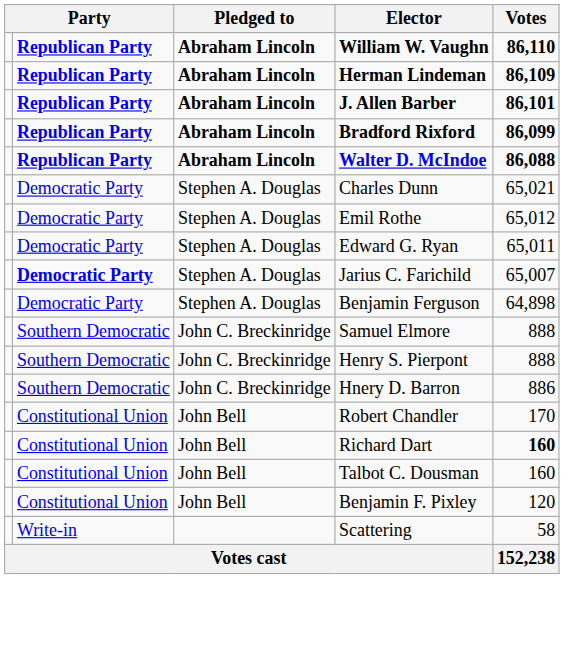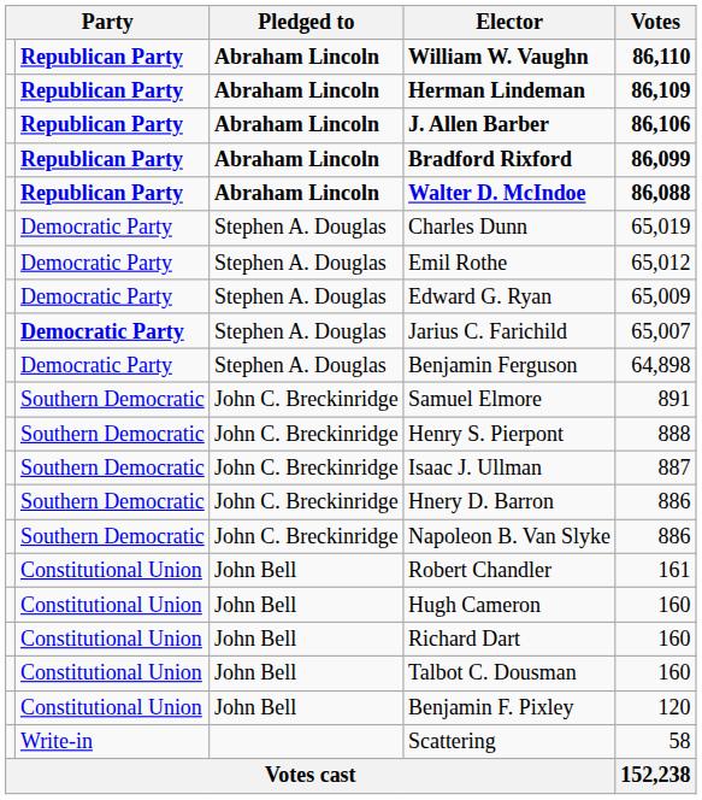 <table class="wikitable">
 <tr>
 <th colspan=2>Party</th>
 <th>Pledged to</th>
 <th>Elector</th>
 <th>Votes</th>
 </tr>
 <tr style="font-weight:bold">
 <td></td>
 <td><a href='#'>Republican Party</a></td>
 <td>Abraham Lincoln</td>
 <td>William W. Vaughn</td>
 <td align="right">86,110</td>
 </tr>
 <tr style="font-weight:bold">
 <td></td>
 <td><a href='#'>Republican Party</a></td>
 <td>Abraham Lincoln</td>
 <td>Herman Lindeman</td>
 <td align="right">86,109</td>
 </tr>
 <tr style="font-weight:bold">
 <td></td>
 <td><a href='#'>Republican Party</a></td>
 <td>Abraham Lincoln</td>
 <td>J. Allen Barber</td>
-<td align="right">86,101</td>
+<td align="right">86,106</td>
 </tr>
 <tr style="font-weight:bold">
 <td></td>
 <td><a href='#'>Republican Party</a></td>
 <td>Abraham Lincoln</td>
 <td>Bradford Rixford</td>
 <td align="right">86,099</td>
 </tr>
 <tr style="font-weight:bold">
 <td></td>
 <td><a href='#'>Republican Party</a></td>
 <td>Abraham Lincoln</td>
 <td><a href='#'>Walter D. McIndoe</a></td>
 <td align="right">86,088</td>
 </tr>
 <tr>
 <td></td>
 <td><a href='#'>Democratic Party</a></td>
 <td>Stephen A. Douglas</td>
 <td>Charles Dunn</td>
-<td align="right">65,021</td>
+<td align="right">65,019</td>
 </tr>
 <tr>
 <td></td>
 <td><a href='#'>Democratic Party</a></td>
 <td>Stephen A. Douglas</td>
 <td>Emil Rothe</td>
 <td align="right">65,012</td>
 </tr>
 <tr>
 <td></td>
 <td><a href='#'>Democratic Party</a></td>
 <td>Stephen A. Douglas</td>
 <td>Edward G. Ryan</td>
-<td align="right">65,011</td>
+<td align="right">65,009</td>
 </tr>
 <tr>
 <td></td>
 <td><strong><a href='#'>Democratic Party</a></strong></td>
 <td>Stephen A. Douglas</td>
 <td>Jarius C. Farichild</td>
 <td align="right">65,007</td>
 </tr>
 <tr>
 <td></td>
 <td><a href='#'>Democratic Party</a></td>
 <td>Stephen A. Douglas</td>
 <td>Benjamin Ferguson</td>
 <td align="right">64,898</td>
 </tr>
 <tr>
 <td></td>
 <td><a href='#'>Southern Democratic</a></td>
 <td>John C. Breckinridge</td>
 <td>Samuel Elmore</td>
-<td align="right">888</td>
+<td align="right">891</td>
 </tr>
 <tr>
 <td></td>
 <td><a href='#'>Southern Democratic</a></td>
 <td>John C. Breckinridge</td>
 <td>Henry S. Pierpont</td>
 <td align="right">888</td>
 </tr>
 <tr>
 <td></td>
 <td><a href='#'>Southern Democratic</a></td>
 <td>John C. Breckinridge</td>
+<td>Isaac J. Ullman</td>
+<td align="right">887</td>
+</tr>
+<tr>
+<td></td>
+<td><a href='#'>Southern Democratic</a></td>
+<td>John C. Breckinridge</td>
 <td>Hnery D. Barron</td>
+<td align="right">886</td>
+</tr>
+<tr>
+<td></td>
+<td><a href='#'>Southern Democratic</a></td>
+<td>John C. Breckinridge</td>
+<td>Napoleon B. Van Slyke</td>
 <td align="right">886</td>
 </tr>
 <tr>
 <td></td>
 <td><a href='#'>Constitutional Union</a></td>
 <td>John Bell</td>
 <td>Robert Chandler</td>
-<td align="right">170</td>
+<td align="right">161</td>
+</tr>
+<tr>
+<td></td>
+<td><a href='#'>Constitutional Union</a></td>
+<td>John Bell</td>
+<td>Hugh Cameron</td>
+<td align="right">160</td>
 </tr>
 <tr>
 <td></td>
 <td><a href='#'>Constitutional Union</a></td>
 <td>John Bell</td>
 <td>Richard Dart</td>
-<td align="right"><strong>160</strong></td>
+<td align="right">160</td>
 </tr>
 <tr>
 <td></td>
 <td><a href='#'>Constitutional Union</a></td>
 <td>John Bell</td>
 <td>Talbot C. Dousman</td>
 <td align="right">160</td>
 </tr>
 <tr>
 <td></td>
 <td><a href='#'>Constitutional Union</a></td>
 <td>John Bell</td>
 <td>Benjamin F. Pixley</td>
 <td align="right">120</td>
 </tr>
 <tr>
 <td></td>
 <td><a href='#'>Write-in</a></td>
 <td></td>
 <td>Scattering</td>
 <td align="right">58</td>
 </tr>
 <tr>
 <th colspan="4">Votes cast</th>
 <th>152,238</th>
 </tr>
 </table>
